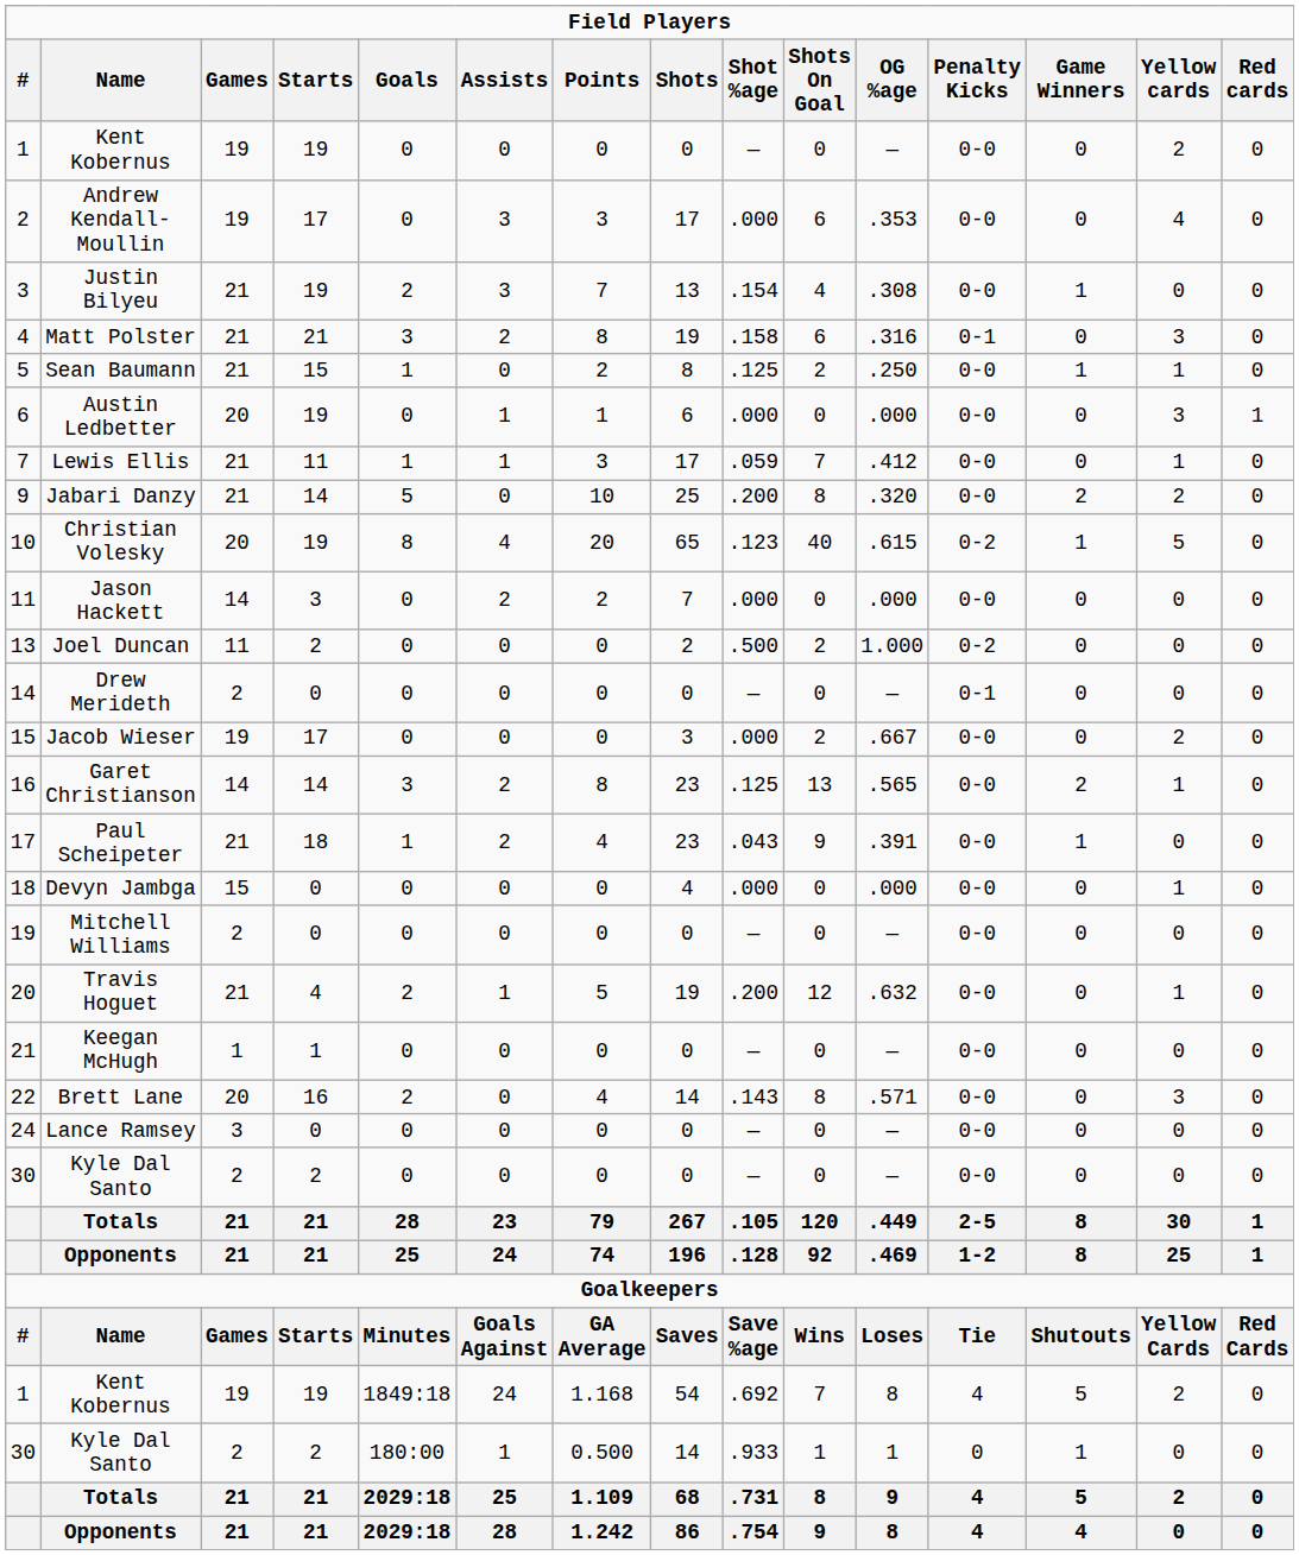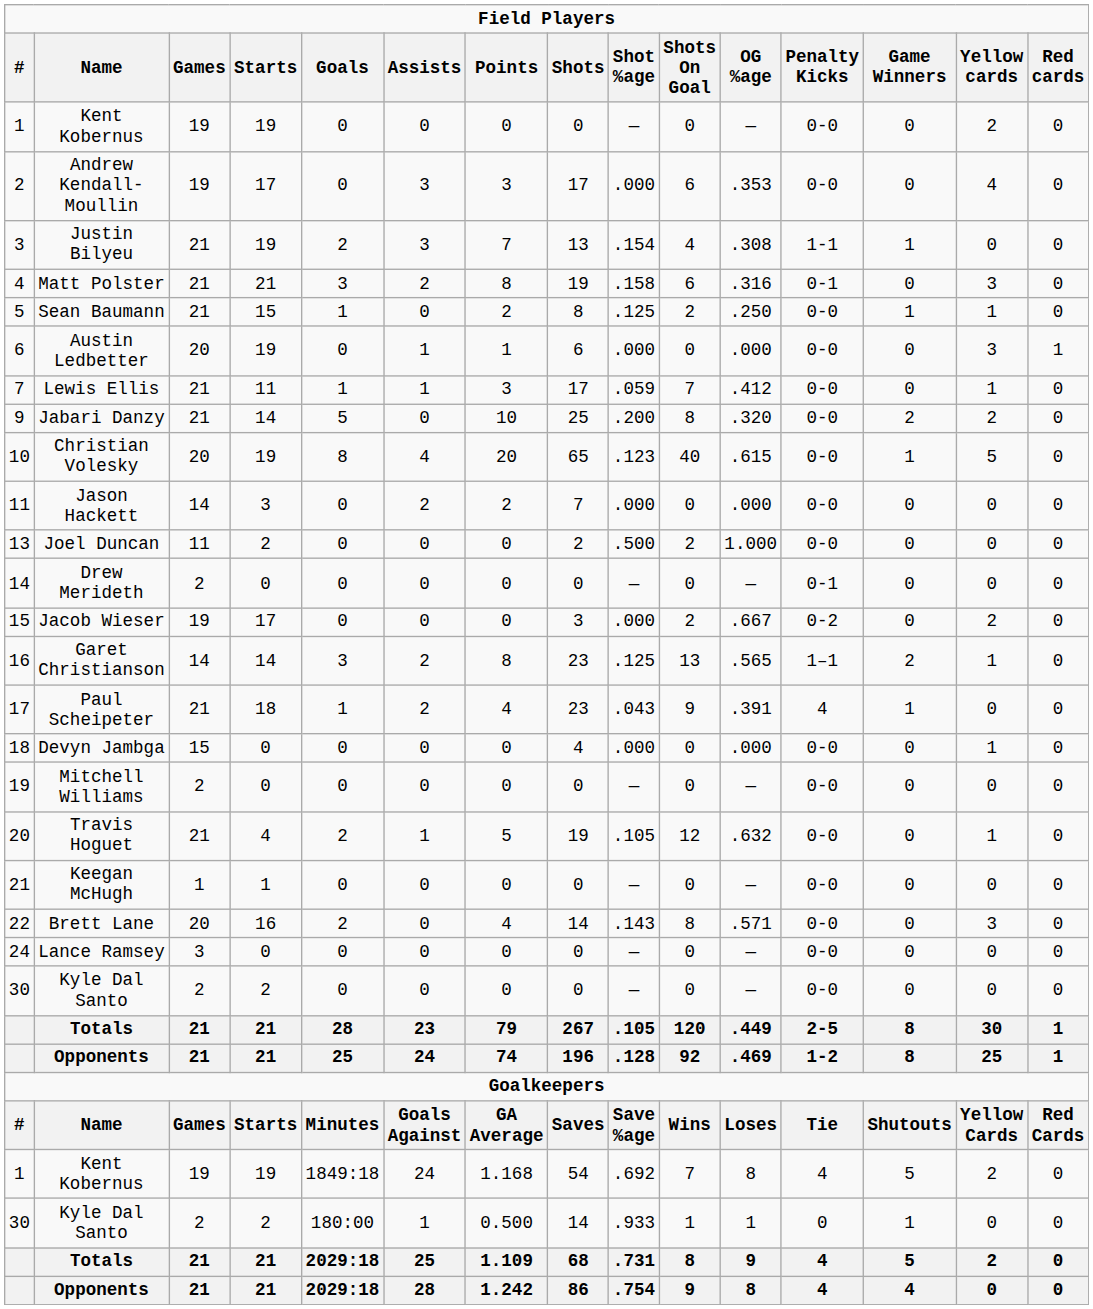 <table class="wikitable sortable" style="text-align:center; text-width:90%;">
 <tr>
 <td colspan="15"><strong>Field Players</strong></td>
 </tr>
 <tr>
 <th>#</th>
 <th>Name</th>
 <th>Games</th>
 <th>Starts</th>
 <th>Goals</th>
 <th>Assists</th>
 <th>Points</th>
 <th>Shots</th>
 <th>Shot %age</th>
 <th>Shots On Goal</th>
 <th>OG %age</th>
 <th>Penalty Kicks</th>
 <th>Game Winners</th>
 <th>Yellow cards</th>
 <th>Red cards</th>
 </tr>
 <tr>
 <td>1</td>
 <td>Kent Kobernus</td>
 <td>19</td>
 <td>19</td>
 <td>0</td>
 <td>0</td>
 <td>0</td>
 <td>0</td>
 <td>—</td>
 <td>0</td>
 <td>—</td>
 <td>0-0</td>
 <td>0</td>
 <td>2</td>
 <td>0</td>
 </tr>
 <tr>
 <td>2</td>
 <td>Andrew Kendall-Moullin</td>
 <td>19</td>
 <td>17</td>
 <td>0</td>
 <td>3</td>
 <td>3</td>
 <td>17</td>
 <td>.000</td>
 <td>6</td>
 <td>.353</td>
 <td>0-0</td>
 <td>0</td>
 <td>4</td>
 <td>0</td>
 </tr>
 <tr>
 <td>3</td>
 <td>Justin Bilyeu</td>
 <td>21</td>
 <td>19</td>
 <td>2</td>
 <td>3</td>
 <td>7</td>
 <td>13</td>
 <td>.154</td>
 <td>4</td>
 <td>.308</td>
-<td>0-0</td>
+<td>1-1</td>
 <td>1</td>
 <td>0</td>
 <td>0</td>
 </tr>
 <tr>
 <td>4</td>
 <td>Matt Polster</td>
 <td>21</td>
 <td>21</td>
 <td>3</td>
 <td>2</td>
 <td>8</td>
 <td>19</td>
 <td>.158</td>
 <td>6</td>
 <td>.316</td>
 <td>0-1</td>
 <td>0</td>
 <td>3</td>
 <td>0</td>
 </tr>
 <tr>
 <td>5</td>
 <td>Sean Baumann</td>
 <td>21</td>
 <td>15</td>
 <td>1</td>
 <td>0</td>
 <td>2</td>
 <td>8</td>
 <td>.125</td>
 <td>2</td>
 <td>.250</td>
 <td>0-0</td>
 <td>1</td>
 <td>1</td>
 <td>0</td>
 </tr>
 <tr>
 <td>6</td>
 <td>Austin Ledbetter</td>
 <td>20</td>
 <td>19</td>
 <td>0</td>
 <td>1</td>
 <td>1</td>
 <td>6</td>
 <td>.000</td>
 <td>0</td>
 <td>.000</td>
 <td>0-0</td>
 <td>0</td>
 <td>3</td>
 <td>1</td>
 </tr>
 <tr>
 <td>7</td>
 <td>Lewis Ellis</td>
 <td>21</td>
 <td>11</td>
 <td>1</td>
 <td>1</td>
 <td>3</td>
 <td>17</td>
 <td>.059</td>
 <td>7</td>
 <td>.412</td>
 <td>0-0</td>
 <td>0</td>
 <td>1</td>
 <td>0</td>
 </tr>
 <tr>
 <td>9</td>
 <td>Jabari Danzy</td>
 <td>21</td>
 <td>14</td>
 <td>5</td>
 <td>0</td>
 <td>10</td>
 <td>25</td>
 <td>.200</td>
 <td>8</td>
 <td>.320</td>
 <td>0-0</td>
 <td>2</td>
 <td>2</td>
 <td>0</td>
 </tr>
 <tr>
 <td>10</td>
 <td>Christian Volesky</td>
 <td>20</td>
 <td>19</td>
 <td>8</td>
 <td>4</td>
 <td>20</td>
 <td>65</td>
 <td>.123</td>
 <td>40</td>
 <td>.615</td>
-<td>0-2</td>
+<td>0-0</td>
 <td>1</td>
 <td>5</td>
 <td>0</td>
 </tr>
 <tr>
 <td>11</td>
 <td>Jason Hackett</td>
 <td>14</td>
 <td>3</td>
 <td>0</td>
 <td>2</td>
 <td>2</td>
 <td>7</td>
 <td>.000</td>
 <td>0</td>
 <td>.000</td>
 <td>0-0</td>
 <td>0</td>
 <td>0</td>
 <td>0</td>
 </tr>
 <tr>
 <td>13</td>
 <td>Joel Duncan</td>
 <td>11</td>
 <td>2</td>
 <td>0</td>
 <td>0</td>
 <td>0</td>
 <td>2</td>
 <td>.500</td>
 <td>2</td>
 <td>1.000</td>
-<td>0-2</td>
+<td>0-0</td>
 <td>0</td>
 <td>0</td>
 <td>0</td>
 </tr>
 <tr>
 <td>14</td>
 <td>Drew Merideth</td>
 <td>2</td>
 <td>0</td>
 <td>0</td>
 <td>0</td>
 <td>0</td>
 <td>0</td>
 <td>—</td>
 <td>0</td>
 <td>—</td>
 <td>0-1</td>
 <td>0</td>
 <td>0</td>
 <td>0</td>
 </tr>
 <tr>
 <td>15</td>
 <td>Jacob Wieser</td>
 <td>19</td>
 <td>17</td>
 <td>0</td>
 <td>0</td>
 <td>0</td>
 <td>3</td>
 <td>.000</td>
 <td>2</td>
 <td>.667</td>
-<td>0-0</td>
+<td>0-2</td>
 <td>0</td>
 <td>2</td>
 <td>0</td>
 </tr>
 <tr>
 <td>16</td>
 <td>Garet Christianson</td>
 <td>14</td>
 <td>14</td>
 <td>3</td>
 <td>2</td>
 <td>8</td>
 <td>23</td>
 <td>.125</td>
 <td>13</td>
 <td>.565</td>
-<td>0-0</td>
+<td>1–1</td>
 <td>2</td>
 <td>1</td>
 <td>0</td>
 </tr>
 <tr>
 <td>17</td>
 <td>Paul Scheipeter</td>
 <td>21</td>
 <td>18</td>
 <td>1</td>
 <td>2</td>
 <td>4</td>
 <td>23</td>
 <td>.043</td>
 <td>9</td>
 <td>.391</td>
-<td>0-0</td>
+<td>4</td>
 <td>1</td>
 <td>0</td>
 <td>0</td>
 </tr>
 <tr>
 <td>18</td>
 <td>Devyn Jambga</td>
 <td>15</td>
 <td>0</td>
 <td>0</td>
 <td>0</td>
 <td>0</td>
 <td>4</td>
 <td>.000</td>
 <td>0</td>
 <td>.000</td>
 <td>0-0</td>
 <td>0</td>
 <td>1</td>
 <td>0</td>
 </tr>
 <tr>
 <td>19</td>
 <td>Mitchell Williams</td>
 <td>2</td>
 <td>0</td>
 <td>0</td>
 <td>0</td>
 <td>0</td>
 <td>0</td>
 <td>—</td>
 <td>0</td>
 <td>—</td>
 <td>0-0</td>
 <td>0</td>
 <td>0</td>
 <td>0</td>
 </tr>
 <tr>
 <td>20</td>
 <td>Travis Hoguet</td>
 <td>21</td>
 <td>4</td>
 <td>2</td>
 <td>1</td>
 <td>5</td>
 <td>19</td>
-<td>.200</td>
+<td>.105</td>
 <td>12</td>
 <td>.632</td>
 <td>0-0</td>
 <td>0</td>
 <td>1</td>
 <td>0</td>
 </tr>
 <tr>
 <td>21</td>
 <td>Keegan McHugh</td>
 <td>1</td>
 <td>1</td>
 <td>0</td>
 <td>0</td>
 <td>0</td>
 <td>0</td>
 <td>—</td>
 <td>0</td>
 <td>—</td>
 <td>0-0</td>
 <td>0</td>
 <td>0</td>
 <td>0</td>
 </tr>
 <tr>
 <td>22</td>
 <td>Brett Lane</td>
 <td>20</td>
 <td>16</td>
 <td>2</td>
 <td>0</td>
 <td>4</td>
 <td>14</td>
 <td>.143</td>
 <td>8</td>
 <td>.571</td>
 <td>0-0</td>
 <td>0</td>
 <td>3</td>
 <td>0</td>
 </tr>
 <tr>
 <td>24</td>
 <td>Lance Ramsey</td>
 <td>3</td>
 <td>0</td>
 <td>0</td>
 <td>0</td>
 <td>0</td>
 <td>0</td>
 <td>—</td>
 <td>0</td>
 <td>—</td>
 <td>0-0</td>
 <td>0</td>
 <td>0</td>
 <td>0</td>
 </tr>
 <tr>
 <td>30</td>
 <td>Kyle Dal Santo</td>
 <td>2</td>
 <td>2</td>
 <td>0</td>
 <td>0</td>
 <td>0</td>
 <td>0</td>
 <td>—</td>
 <td>0</td>
 <td>—</td>
 <td>0-0</td>
 <td>0</td>
 <td>0</td>
 <td>0</td>
 </tr>
 <tr>
 <th></th>
 <th>Totals</th>
 <th>21</th>
 <th>21</th>
 <th>28</th>
 <th>23</th>
 <th>79</th>
 <th>267</th>
 <th>.105</th>
 <th>120</th>
 <th>.449</th>
 <th>2-5</th>
 <th>8</th>
 <th>30</th>
 <th>1</th>
 </tr>
 <tr>
 <th></th>
 <th>Opponents</th>
 <th>21</th>
 <th>21</th>
 <th>25</th>
 <th>24</th>
 <th>74</th>
 <th>196</th>
 <th>.128</th>
 <th>92</th>
 <th>.469</th>
 <th>1-2</th>
 <th>8</th>
 <th>25</th>
 <th>1</th>
 </tr>
 <tr>
 <td colspan="15"><strong>Goalkeepers</strong></td>
 </tr>
 <tr>
 <th>#</th>
 <th>Name</th>
 <th>Games</th>
 <th>Starts</th>
 <th>Minutes</th>
 <th>Goals Against</th>
 <th>GA Average</th>
 <th>Saves</th>
 <th>Save %age</th>
 <th>Wins</th>
 <th>Loses</th>
 <th>Tie</th>
 <th>Shutouts</th>
 <th>Yellow Cards</th>
 <th>Red Cards</th>
 </tr>
 <tr>
 <td>1</td>
 <td>Kent Kobernus</td>
 <td>19</td>
 <td>19</td>
 <td>1849:18</td>
 <td>24</td>
 <td>1.168</td>
 <td>54</td>
 <td>.692</td>
 <td>7</td>
 <td>8</td>
 <td>4</td>
 <td>5</td>
 <td>2</td>
 <td>0</td>
 </tr>
 <tr>
 <td>30</td>
 <td>Kyle Dal Santo</td>
 <td>2</td>
 <td>2</td>
 <td>180:00</td>
 <td>1</td>
 <td>0.500</td>
 <td>14</td>
 <td>.933</td>
 <td>1</td>
 <td>1</td>
 <td>0</td>
 <td>1</td>
 <td>0</td>
 <td>0</td>
 </tr>
 <tr>
 <th></th>
 <th>Totals</th>
 <th>21</th>
 <th>21</th>
 <th>2029:18</th>
 <th>25</th>
 <th>1.109</th>
 <th>68</th>
 <th>.731</th>
 <th>8</th>
 <th>9</th>
 <th>4</th>
 <th>5</th>
 <th>2</th>
 <th>0</th>
 </tr>
 <tr>
 <th></th>
 <th>Opponents</th>
 <th>21</th>
 <th>21</th>
 <th>2029:18</th>
 <th>28</th>
 <th>1.242</th>
 <th>86</th>
 <th>.754</th>
 <th>9</th>
 <th>8</th>
 <th>4</th>
 <th>4</th>
 <th>0</th>
 <th>0</th>
 </tr>
 </table>
